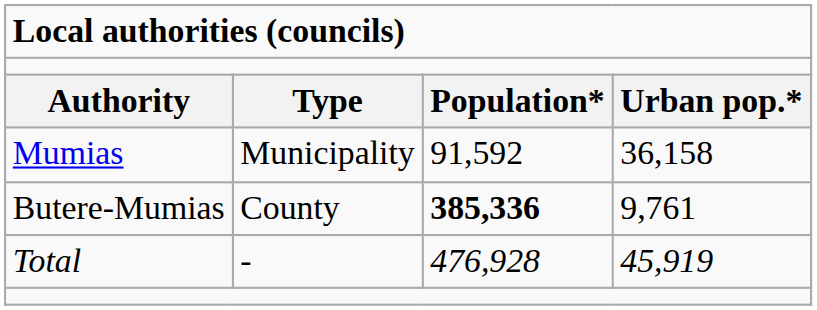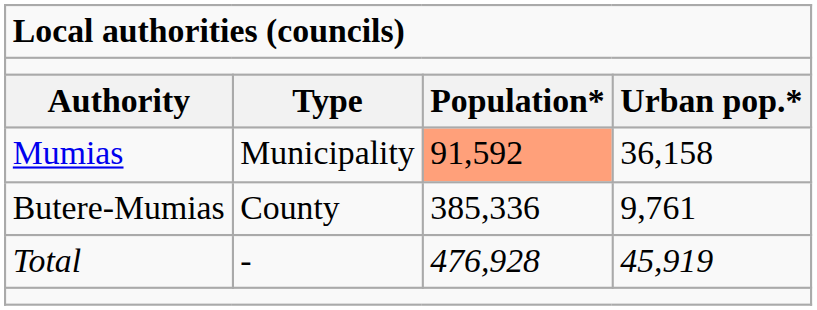 <table class="wikitable">
 <tr>
 <td colspan="5"><strong>Local authorities (councils)</strong></td>
 </tr>
 <tr>
 <td colspan="5"></td>
 </tr>
 <tr>
 <th>Authority</th>
 <th>Type</th>
 <th>Population*</th>
 <th>Urban pop.*</th>
 </tr>
 <tr>
 <td><a href='#'>Mumias</a></td>
 <td>Municipality</td>
-<td>91,592</td>
+<td style="background: lightsalmon;">91,592</td>
 <td>36,158</td>
 </tr>
 <tr>
 <td>Butere-Mumias</td>
 <td>County</td>
-<td><strong>385,336</strong></td>
+<td>385,336</td>
 <td>9,761</td>
 </tr>
 <tr>
 <td><em>Total</em></td>
 <td>-</td>
 <td><em>476,928</em></td>
 <td><em>45,919</em></td>
 </tr>
 <tr>
 <td colspan="5"></td>
 </tr>
 </table>
